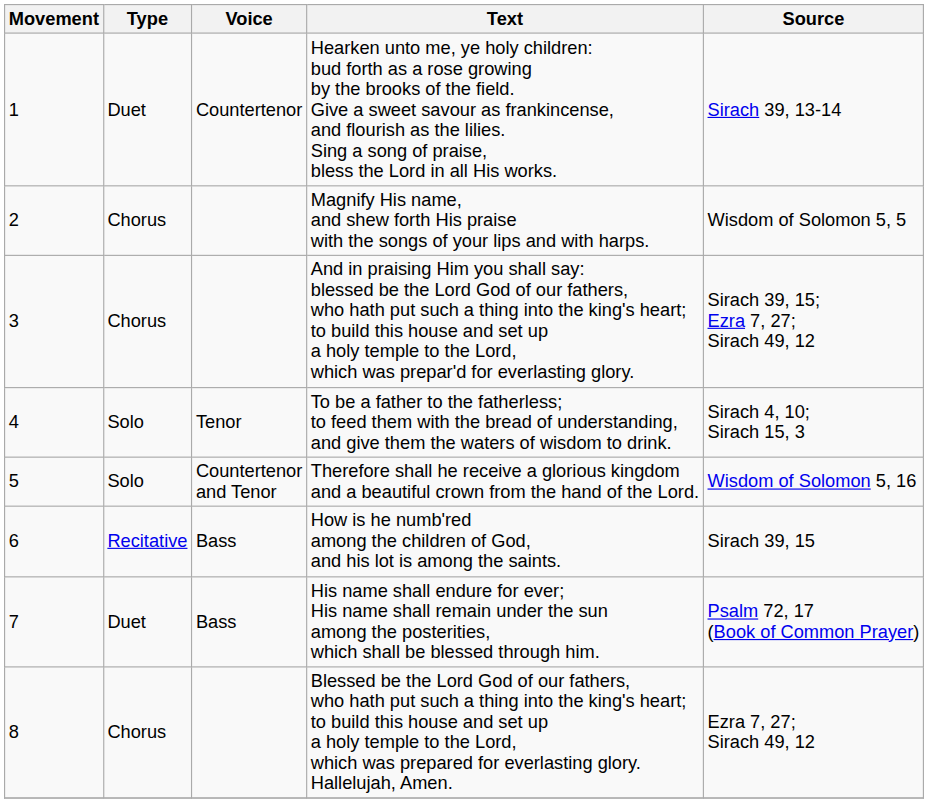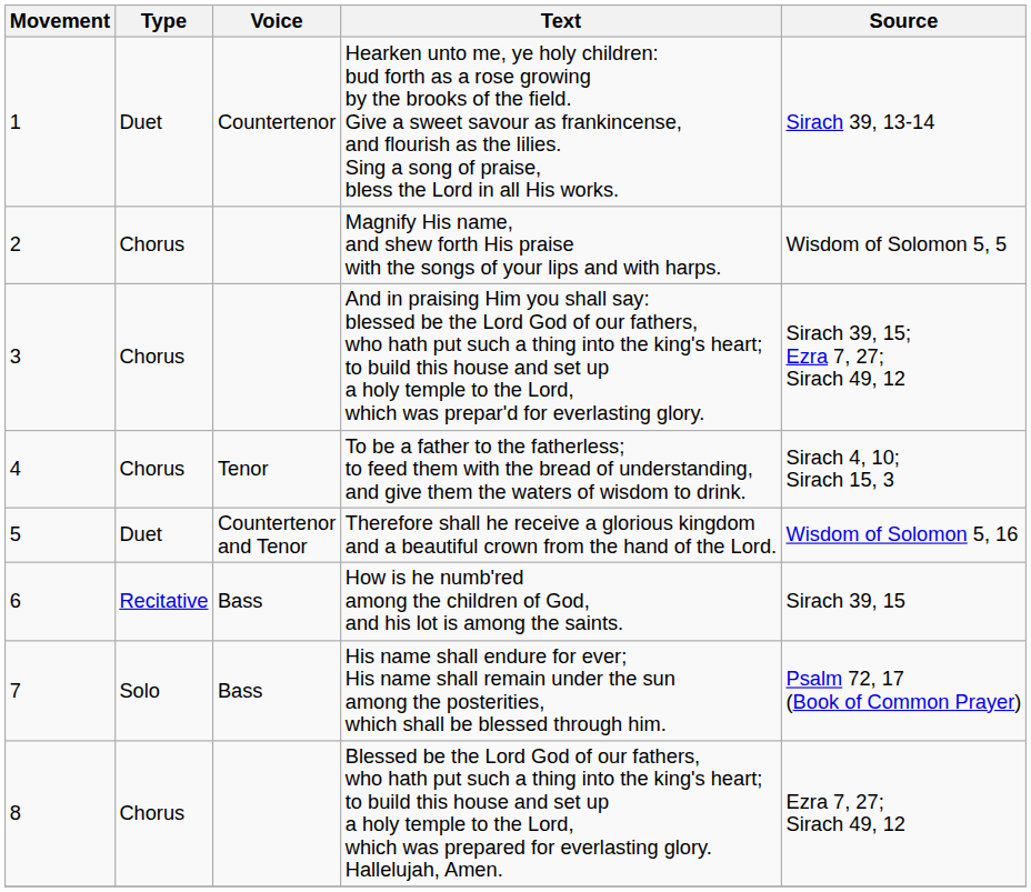 <table class="wikitable" border="1">
 <tr>
 <th bgcolor=ececec>Movement</th>
 <th bgcolor=ececec>Type</th>
 <th bgcolor=ececec>Voice</th>
 <th bgcolor=ececec>Text</th>
 <th bgcolor=ececec>Source</th>
 </tr>
 <tr>
 <td>1</td>
 <td>Duet</td>
 <td>Countertenor</td>
 <td>Hearken unto me, ye holy children:<br>bud forth as a rose growing<br>by the brooks of the field.<br>Give a sweet savour as frankincense,<br>and flourish as the lilies.<br>Sing a song of praise,<br>bless the Lord in all His works.</td>
 <td><a href='#'>Sirach</a> 39, 13-14</td>
 </tr>
 <tr>
 <td>2</td>
 <td>Chorus</td>
 <td></td>
 <td>Magnify His name,<br>and shew forth His praise<br>with the songs of your lips and with harps.</td>
 <td>Wisdom of Solomon 5, 5</td>
 </tr>
 <tr>
 <td>3</td>
 <td>Chorus</td>
 <td></td>
 <td>And in praising Him you shall say:<br>blessed be the Lord God of our fathers,<br>who hath put such a thing into the king's heart;<br>to build this house and set up<br>a holy temple to the Lord,<br>which was prepar'd for everlasting glory.</td>
 <td>Sirach 39, 15;<br><a href='#'>Ezra</a> 7, 27;<br>Sirach 49, 12</td>
 </tr>
 <tr>
 <td>4</td>
-<td>Solo</td>
+<td>Chorus</td>
 <td>Tenor</td>
 <td>To be a father to the fatherless;<br>to feed them with the bread of understanding,<br>and give them the waters of wisdom to drink.</td>
 <td>Sirach 4, 10;<br>Sirach 15, 3</td>
 </tr>
 <tr>
 <td>5</td>
-<td>Solo</td>
+<td>Duet</td>
 <td>Countertenor<br>and Tenor</td>
 <td>Therefore shall he receive a glorious kingdom<br>and a beautiful crown from the hand of the Lord.</td>
 <td><a href='#'>Wisdom of Solomon</a> 5, 16</td>
 </tr>
 <tr>
 <td>6</td>
 <td><a href='#'>Recitative</a></td>
 <td>Bass</td>
 <td>How is he numb'red<br> among the children of God,<br>and his lot is among the saints.</td>
 <td>Sirach 39, 15</td>
 </tr>
 <tr>
 <td>7</td>
-<td>Duet</td>
+<td>Solo</td>
 <td>Bass</td>
 <td>His name shall endure for ever;<br>His name shall remain under the sun<br>among the posterities,<br>which shall be blessed through him.</td>
 <td><a href='#'>Psalm</a> 72, 17<br>(<a href='#'>Book of Common Prayer</a>)</td>
 </tr>
 <tr>
 <td>8</td>
 <td>Chorus</td>
 <td></td>
 <td>Blessed be the Lord God of our fathers,<br>who hath put such a thing into the king's heart;<br>to build this house and set up<br>a holy temple to the Lord,<br>which was prepared for everlasting glory.<br>Hallelujah, Amen.</td>
 <td>Ezra 7, 27;<br>Sirach 49, 12</td>
 </tr>
 <tr>
 </tr>
 </table>
